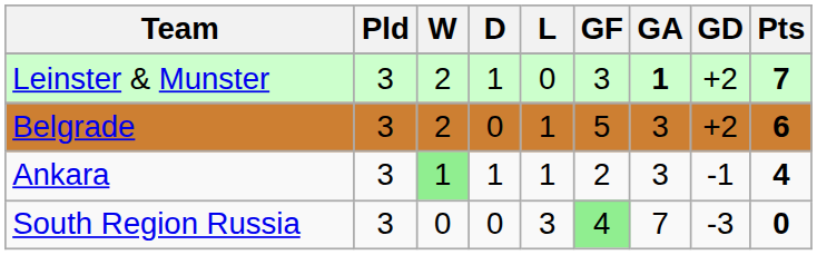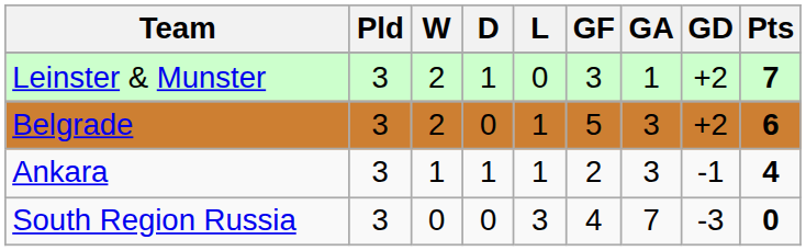 <table class="wikitable" style="text-align:center;">
 <tr>
 <th width=175>Team</th>
 <th width=20 abbr="Played">Pld</th>
 <th width=20 abbr="Won">W</th>
 <th width=20 abbr="Drawn">D</th>
 <th width=20 abbr="Lost">L</th>
 <th width=20 abbr="Goals for">GF</th>
 <th width=20 abbr="Goals against">GA</th>
 <th width=20 abbr="Goal difference">GD</th>
 <th width=20 abbr="Points">Pts</th>
 </tr>
 <tr>
 </tr>
 <tr bgcolor="#ccffcc">
 <td align=left> <a href='#'>Leinster</a> & <a href='#'>Munster</a></td>
 <td>3</td>
 <td>2</td>
 <td>1</td>
 <td>0</td>
 <td>3</td>
-<td><strong>1</strong></td>
+<td>1</td>
 <td>+2</td>
 <td><strong>7</strong></td>
 </tr>
 <tr>
 </tr>
 <tr bgcolor="#CD7F32">
 <td align=left> <a href='#'>Belgrade</a></td>
 <td>3</td>
 <td>2</td>
 <td>0</td>
 <td>1</td>
 <td>5</td>
 <td>3</td>
 <td>+2</td>
 <td><strong>6</strong></td>
 </tr>
 <tr>
 <td align=left> <a href='#'>Ankara</a></td>
 <td>3</td>
-<td style="background: lightgreen;">1</td>
+<td>1</td>
 <td>1</td>
 <td>1</td>
 <td>2</td>
 <td>3</td>
 <td>-1</td>
 <td><strong>4</strong></td>
 </tr>
 <tr>
 <td align=left> <a href='#'>South Region Russia</a></td>
 <td>3</td>
 <td>0</td>
 <td>0</td>
 <td>3</td>
-<td style="background: lightgreen;">4</td>
+<td>4</td>
 <td>7</td>
 <td>-3</td>
 <td><strong>0</strong></td>
 </tr>
 </table>
